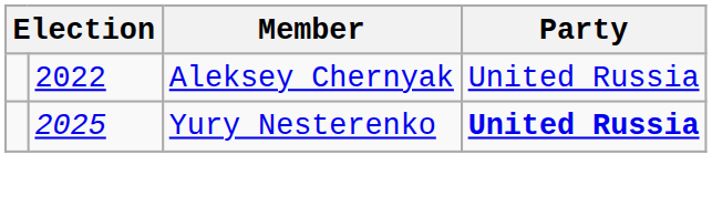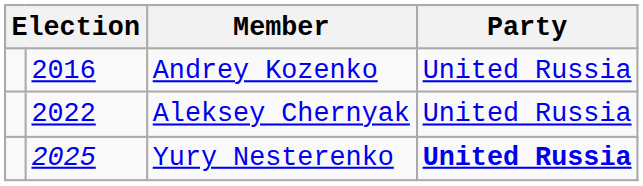 <table class="wikitable">
 <tr>
 <th colspan="2">Election</th>
 <th>Member</th>
 <th>Party</th>
+</tr>
+<tr>
+<td style="background-color:"></td>
+<td><a href='#'>2016</a></td>
+<td><a href='#'>Andrey Kozenko</a></td>
+<td><a href='#'>United Russia</a></td>
 </tr>
 <tr>
 <td style="background-color:"></td>
 <td><a href='#'>2022</a></td>
 <td><a href='#'>Aleksey Chernyak</a></td>
 <td><a href='#'>United Russia</a></td>
 </tr>
 <tr>
 <td style="background-color:"></td>
 <td><em><a href='#'>2025</a></em></td>
 <td><a href='#'>Yury Nesterenko</a></td>
 <td><strong><a href='#'>United Russia</a></strong></td>
 </tr>
 </table>
